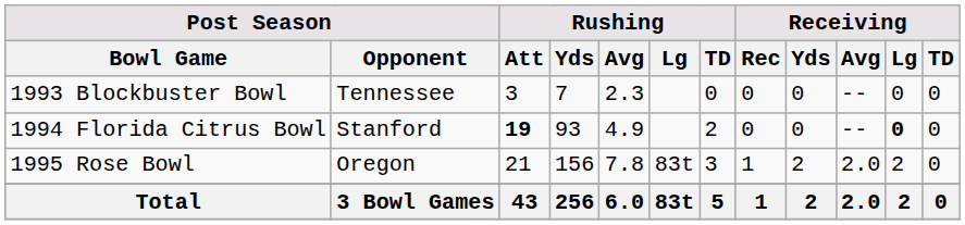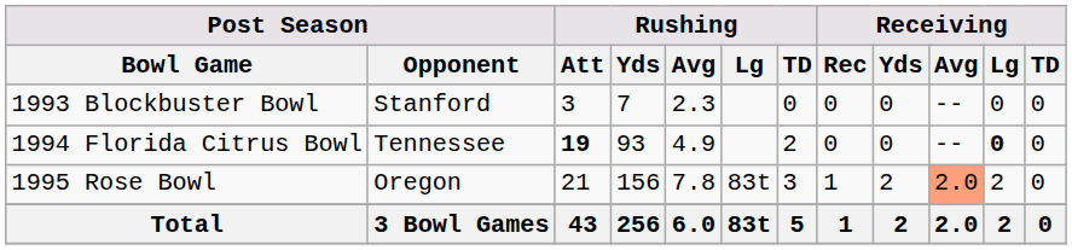 <table class="wikitable">
 <tr>
 <th colspan="2" style="background-color: #e7e3e7"> Post Season</th>
 <th colspan="5" style="background-color: #e7e3e7">Rushing</th>
 <th colspan="5" style="background-color: #e7e3e7">Receiving</th>
 </tr>
 <tr>
 <th>Bowl Game</th>
 <th>Opponent</th>
 <th>Att</th>
 <th>Yds</th>
 <th>Avg</th>
 <th>Lg</th>
 <th>TD</th>
 <th>Rec</th>
 <th>Yds</th>
 <th>Avg</th>
 <th>Lg</th>
 <th>TD</th>
 </tr>
 <tr>
 <td>1993 Blockbuster Bowl</td>
-<td>Tennessee</td>
+<td>Stanford</td>
 <td>3</td>
 <td>7</td>
 <td>2.3</td>
 <td></td>
 <td>0</td>
 <td>0</td>
 <td>0</td>
 <td>--</td>
 <td>0</td>
 <td>0</td>
 </tr>
 <tr>
 <td>1994 Florida Citrus Bowl</td>
-<td>Stanford</td>
+<td>Tennessee</td>
 <td><strong>19</strong></td>
 <td>93</td>
 <td>4.9</td>
 <td></td>
 <td>2</td>
 <td>0</td>
 <td>0</td>
 <td>--</td>
 <td><strong>0</strong></td>
 <td>0</td>
 </tr>
 <tr>
 <td>1995 Rose Bowl</td>
 <td>Oregon</td>
 <td>21</td>
 <td>156</td>
 <td>7.8</td>
 <td>83t</td>
 <td>3</td>
 <td>1</td>
 <td>2</td>
-<td>2.0</td>
+<td style="background: lightsalmon;">2.0</td>
 <td>2</td>
 <td>0</td>
 </tr>
 <tr>
 </tr>
 <tr>
 </tr>
 <tr>
 <th>Total</th>
 <th>3 Bowl Games</th>
 <th>43</th>
 <th>256</th>
 <th>6.0</th>
 <th>83t</th>
 <th>5</th>
 <th>1</th>
 <th>2</th>
 <th>2.0</th>
 <th>2</th>
 <th>0</th>
 </tr>
 <tr>
 </tr>
 </table>
